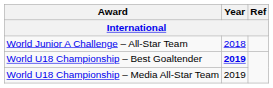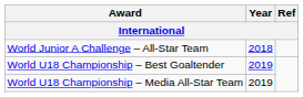 <table class="wikitable">
 <tr>
 <th>Award</th>
 <th>Year</th>
 <th>Ref</th>
 </tr>
 <tr>
 <th colspan="3"><a href='#'>International</a></th>
 </tr>
 <tr>
 <td><a href='#'>World Junior A Challenge</a> – All-Star Team</td>
 <td><a href='#'>2018</a></td>
 <td></td>
 </tr>
 <tr>
 <td><a href='#'>World U18 Championship</a> – Best Goaltender</td>
-<td><strong><a href='#'>2019</a></strong></td>
+<td><a href='#'>2019</a></td>
 <td rowspan="2"></td>
 </tr>
 <tr>
 <td><a href='#'>World U18 Championship</a> – Media All-Star Team</td>
 <td>2019</td>
 </tr>
 </table>
